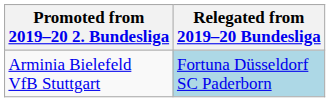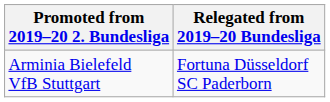 <table class="wikitable">
 <tr>
 <th>Promoted from<br><a href='#'>2019–20 2. Bundesliga</a></th>
 <th>Relegated from<br><a href='#'>2019–20 Bundesliga</a></th>
 </tr>
 <tr>
 <td><a href='#'>Arminia Bielefeld</a><br><a href='#'>VfB Stuttgart</a></td>
-<td style="background: lightblue;"><a href='#'>Fortuna Düsseldorf</a><br><a href='#'>SC Paderborn</a></td>
+<td><a href='#'>Fortuna Düsseldorf</a><br><a href='#'>SC Paderborn</a></td>
 </tr>
 </table>
